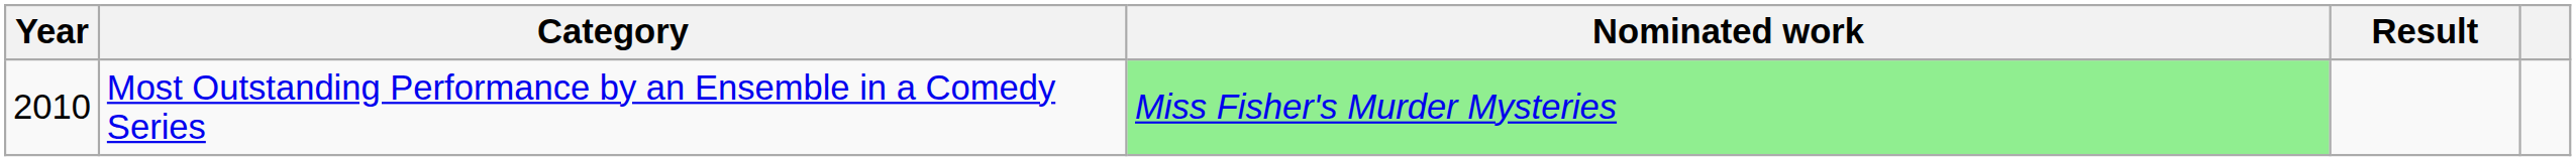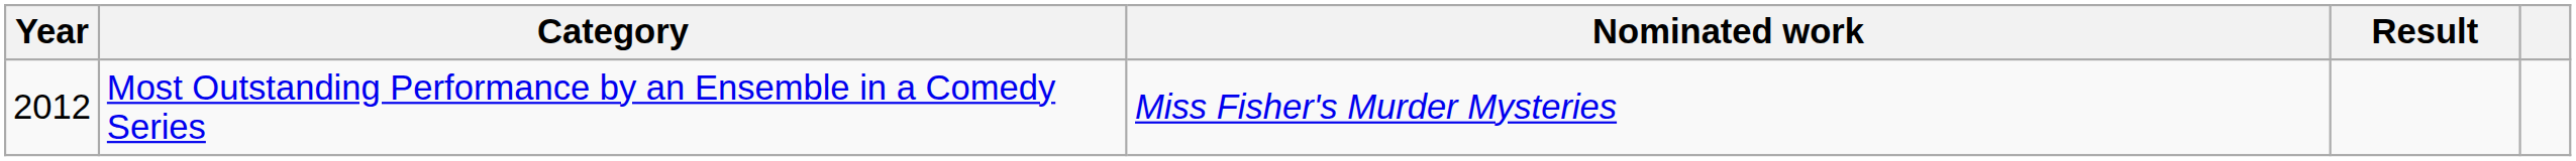 <table class=wikitable>
 <tr>
 <th scope="col" style="width:1em;">Year</th>
 <th scope="col" style="width:29em;">Category</th>
 <th scope="col" style="width:34em;">Nominated work</th>
 <th scope="col" style="width:5em;">Result</th>
 <th scope="col" style="width:1em;"></th>
 </tr>
 <tr>
-<td scope="row">2010</td>
+<td scope="row">2012</td>
 <td><a href='#'>Most Outstanding Performance by an Ensemble in a Comedy Series</a></td>
-<td style="background: lightgreen;"><em><a href='#'>Miss Fisher's Murder Mysteries</a></em></td>
+<td><em><a href='#'>Miss Fisher's Murder Mysteries</a></em></td>
 <td></td>
 <td></td>
 </tr>
 </table>
